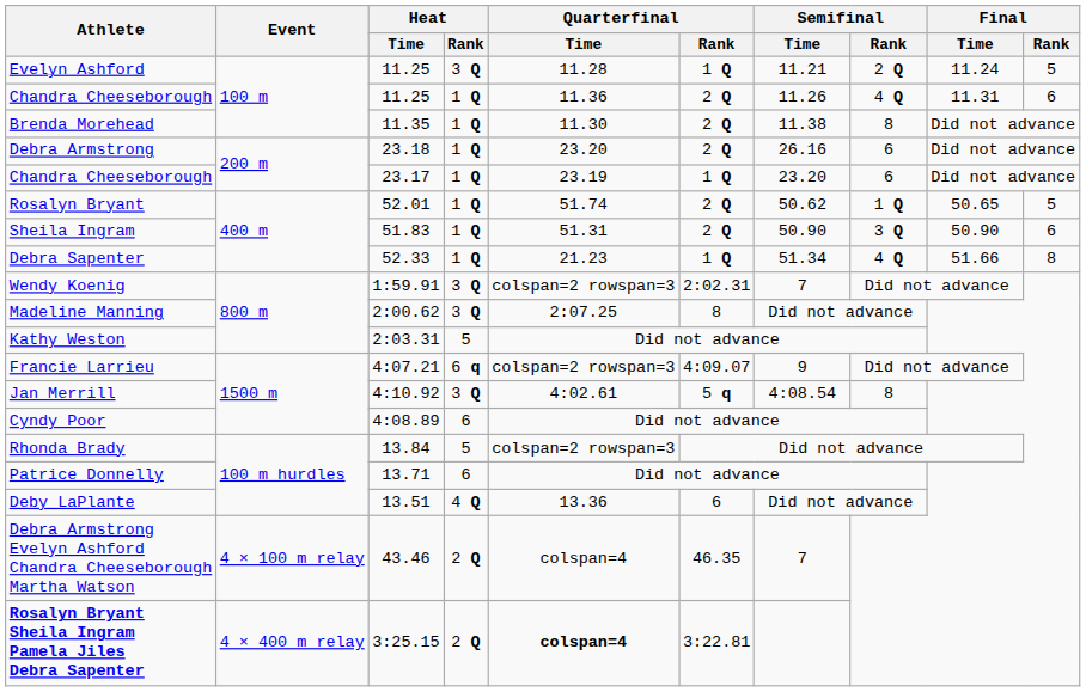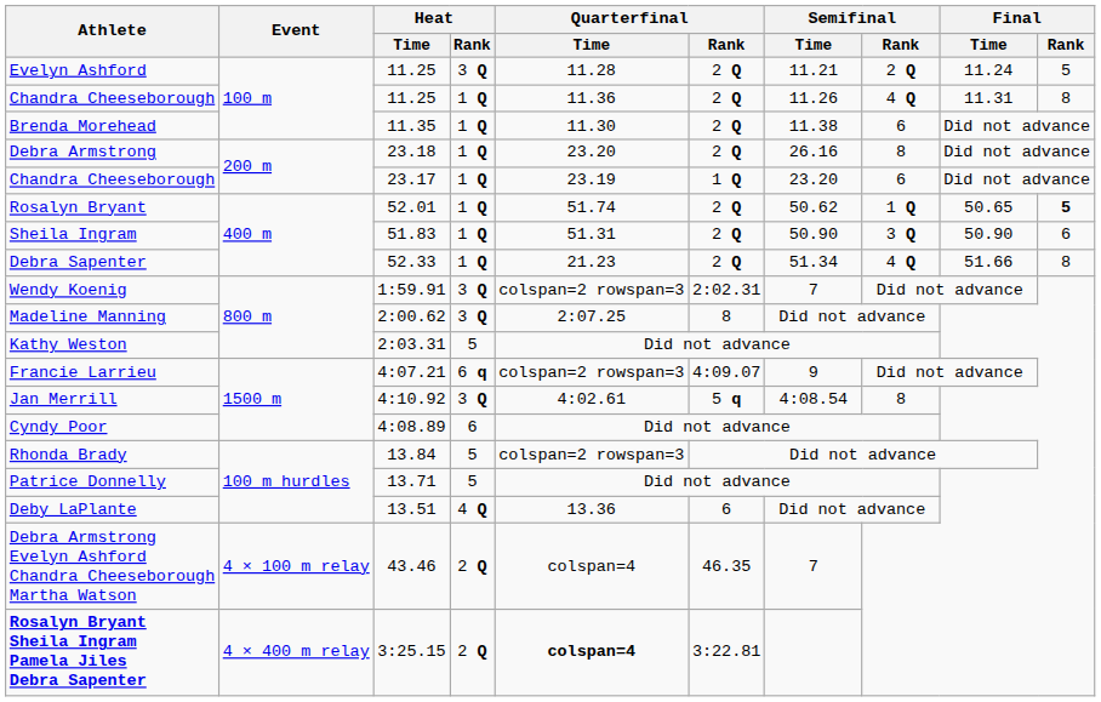 <table class=wikitable style=font-size:90%;text-align:center>
 <tr>
 <th rowspan=2>Athlete</th>
 <th rowspan=2>Event</th>
 <th colspan=2>Heat</th>
 <th colspan=2>Quarterfinal</th>
 <th colspan=2>Semifinal</th>
 <th colspan=2>Final</th>
 </tr>
 <tr style=font-size:95%>
 <th>Time</th>
 <th>Rank</th>
 <th>Time</th>
 <th>Rank</th>
 <th>Time</th>
 <th>Rank</th>
 <th>Time</th>
 <th>Rank</th>
 </tr>
 <tr>
 <td align=left><a href='#'>Evelyn Ashford</a></td>
 <td align=left rowspan=3><a href='#'>100 m</a></td>
 <td>11.25</td>
 <td>3 <strong>Q</strong></td>
 <td>11.28</td>
-<td>1 <strong>Q</strong></td>
+<td>2 <strong>Q</strong></td>
 <td>11.21</td>
 <td>2 <strong>Q</strong></td>
 <td>11.24</td>
 <td>5</td>
 </tr>
 <tr>
 <td align=left><a href='#'>Chandra Cheeseborough</a></td>
 <td>11.25</td>
 <td>1 <strong>Q</strong></td>
 <td>11.36</td>
 <td>2 <strong>Q</strong></td>
 <td>11.26</td>
 <td>4 <strong>Q</strong></td>
 <td>11.31</td>
-<td>6</td>
+<td>8</td>
 </tr>
 <tr>
 <td align=left><a href='#'>Brenda Morehead</a></td>
 <td>11.35</td>
 <td>1 <strong>Q</strong></td>
 <td>11.30</td>
 <td>2 <strong>Q</strong></td>
 <td>11.38</td>
-<td>8</td>
+<td>6</td>
 <td colspan=2>Did not advance</td>
 </tr>
 <tr>
 <td align=left><a href='#'>Debra Armstrong</a></td>
 <td align=left rowspan=2><a href='#'>200 m</a></td>
 <td>23.18</td>
 <td>1 <strong>Q</strong></td>
 <td>23.20</td>
 <td>2 <strong>Q</strong></td>
 <td>26.16</td>
-<td>6</td>
+<td>8</td>
 <td colspan=2>Did not advance</td>
 </tr>
 <tr>
 <td align=left><a href='#'>Chandra Cheeseborough</a></td>
 <td>23.17</td>
 <td>1 <strong>Q</strong></td>
 <td>23.19</td>
 <td>1 <strong>Q</strong></td>
 <td>23.20</td>
 <td>6</td>
 <td colspan=2>Did not advance</td>
 </tr>
 <tr>
 <td align=left><a href='#'>Rosalyn Bryant</a></td>
 <td align=left rowspan=3><a href='#'>400 m</a></td>
 <td>52.01</td>
 <td>1 <strong>Q</strong></td>
 <td>51.74</td>
 <td>2 <strong>Q</strong></td>
 <td>50.62</td>
 <td>1 <strong>Q</strong></td>
 <td>50.65</td>
-<td>5</td>
+<td><strong>5</strong></td>
 </tr>
 <tr>
 <td align=left><a href='#'>Sheila Ingram</a></td>
 <td>51.83</td>
 <td>1 <strong>Q</strong></td>
 <td>51.31</td>
 <td>2 <strong>Q</strong></td>
 <td>50.90</td>
 <td>3 <strong>Q</strong></td>
 <td>50.90</td>
 <td>6</td>
 </tr>
 <tr>
 <td align=left><a href='#'>Debra Sapenter</a></td>
 <td>52.33</td>
 <td>1 <strong>Q</strong></td>
 <td>21.23</td>
-<td>1 <strong>Q</strong></td>
+<td>2 <strong>Q</strong></td>
 <td>51.34</td>
 <td>4 <strong>Q</strong></td>
 <td>51.66</td>
 <td>8</td>
 </tr>
 <tr>
 <td align=left><a href='#'>Wendy Koenig</a></td>
 <td align=left rowspan=3><a href='#'>800 m</a></td>
 <td>1:59.91</td>
 <td>3 <strong>Q</strong></td>
 <td>colspan=2 rowspan=3 </td>
 <td>2:02.31</td>
 <td>7</td>
 <td colspan=2>Did not advance</td>
 </tr>
 <tr>
 <td align=left><a href='#'>Madeline Manning</a></td>
 <td>2:00.62</td>
 <td>3 <strong>Q</strong></td>
 <td>2:07.25</td>
 <td>8</td>
 <td colspan=2>Did not advance</td>
 </tr>
 <tr>
 <td align=left><a href='#'>Kathy Weston</a></td>
 <td>2:03.31</td>
 <td>5</td>
 <td colspan=4>Did not advance</td>
 </tr>
 <tr>
 <td align=left><a href='#'>Francie Larrieu</a></td>
 <td align=left rowspan=3><a href='#'>1500 m</a></td>
 <td>4:07.21</td>
 <td>6 <strong>q</strong></td>
 <td>colspan=2 rowspan=3 </td>
 <td>4:09.07</td>
 <td>9</td>
 <td colspan=2>Did not advance</td>
 </tr>
 <tr>
 <td align=left><a href='#'>Jan Merrill</a></td>
 <td>4:10.92</td>
 <td>3 <strong>Q</strong></td>
 <td>4:02.61</td>
 <td>5 <strong>q</strong></td>
 <td>4:08.54</td>
 <td>8</td>
 </tr>
 <tr>
 <td align=left><a href='#'>Cyndy Poor</a></td>
 <td>4:08.89</td>
 <td>6</td>
 <td colspan=4>Did not advance</td>
 </tr>
 <tr>
 <td align=left><a href='#'>Rhonda Brady</a></td>
 <td align=left rowspan=3><a href='#'>100 m hurdles</a></td>
 <td>13.84</td>
 <td>5</td>
 <td>colspan=2 rowspan=3 </td>
 <td colspan=4>Did not advance</td>
 </tr>
 <tr>
 <td align=left><a href='#'>Patrice Donnelly</a></td>
 <td>13.71</td>
-<td>6</td>
+<td>5</td>
 <td colspan=4>Did not advance</td>
 </tr>
 <tr>
 <td align=left><a href='#'>Deby LaPlante</a></td>
 <td>13.51</td>
 <td>4 <strong>Q</strong></td>
 <td>13.36</td>
 <td>6</td>
 <td colspan=2>Did not advance</td>
 </tr>
 <tr>
 <td align=left><a href='#'>Debra Armstrong</a><br><a href='#'>Evelyn Ashford</a><br><a href='#'>Chandra Cheeseborough</a><br><a href='#'>Martha Watson</a></td>
 <td align=left><a href='#'>4 × 100 m relay</a></td>
 <td>43.46</td>
 <td>2 <strong>Q</strong></td>
 <td>colspan=4 </td>
 <td>46.35</td>
 <td>7</td>
 </tr>
 <tr>
 <td align=left><strong><a href='#'>Rosalyn Bryant</a><br><a href='#'>Sheila Ingram</a><br><a href='#'>Pamela Jiles</a><br><a href='#'>Debra Sapenter</a></strong></td>
 <td align=left><a href='#'>4 × 400 m relay</a></td>
 <td>3:25.15</td>
 <td>2 <strong>Q</strong></td>
 <td><strong>colspan=4 </strong></td>
 <td>3:22.81</td>
 <td></td>
 </tr>
 </table>
